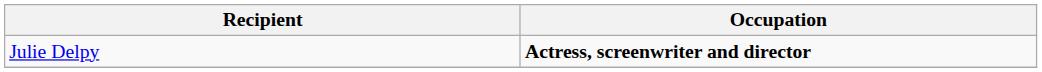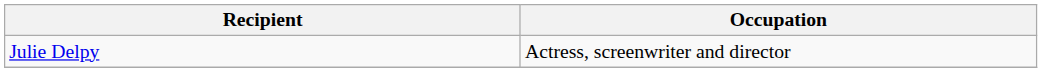 <table class="wikitable" width="95%" cellpadding="5">
 <tr>
 <th width="25%">Recipient</th>
 <th width="25%">Occupation</th>
 </tr>
 <tr>
 <td> <a href='#'>Julie Delpy</a></td>
-<td><strong>Actress, screenwriter and director</strong></td>
+<td>Actress, screenwriter and director</td>
 </tr>
 <tr>
 </tr>
 </table>
